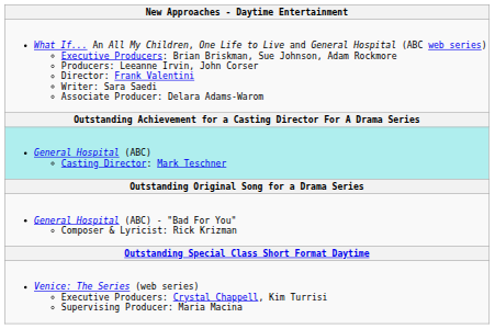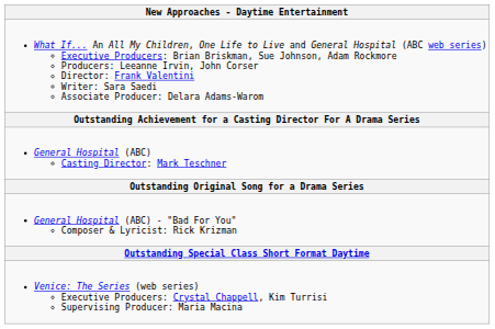 <table class=wikitable style="width=120%">
 <tr>
 <th style="width=50%">New Approaches - Daytime Entertainment</th>
 </tr>
 <tr>
 <td valign="top"><br><ul><li><em><a href='#'>What If...</a></em> An <em>All My Children</em>, <em>One Life to Live</em> and <em>General Hospital</em> (ABC <a href='#'>web series</a>)<ul><li><a href='#'>Executive Producers</a>: Brian Briskman, Sue Johnson, Adam Rockmore</li><li>Producers: Leeanne Irvin, John Corser</li><li>Director: <a href='#'>Frank Valentini</a></li><li>Writer: Sara Saedi</li><li>Associate Producer: Delara Adams-Warom</li></ul></li></ul></td>
 </tr>
 <tr>
 <th style="width=50%">Outstanding Achievement for a Casting Director For A Drama Series</th>
 </tr>
 <tr>
-<td valign="top" style="background: paleturquoise;"><br><ul><li><em><a href='#'>General Hospital</a></em>  (ABC)<ul><li><a href='#'>Casting Director</a>: <a href='#'>Mark Teschner</a></li></ul></li></ul></td>
+<td valign="top"><br><ul><li><em><a href='#'>General Hospital</a></em>  (ABC)<ul><li><a href='#'>Casting Director</a>: <a href='#'>Mark Teschner</a></li></ul></li></ul></td>
 </tr>
 <tr>
 <th style="width=50%">Outstanding Original Song for a Drama Series</th>
 </tr>
 <tr>
 <td valign="top"><br><ul><li><em><a href='#'>General Hospital</a></em>  (ABC) - "Bad For You"<ul><li>Composer & Lyricist: Rick Krizman</li></ul></li></ul></td>
 </tr>
 <tr>
 <th style="width=50%"><a href='#'>Outstanding Special Class Short Format Daytime</a></th>
 </tr>
 <tr>
 <td valign="top"><br><ul><li><em><a href='#'>Venice: The Series</a></em> (web series)<ul><li>Executive Producers: <a href='#'>Crystal Chappell</a>, Kim Turrisi</li><li>Supervising Producer: Maria Macina</li></ul></li></ul></td>
 </tr>
 </table>
